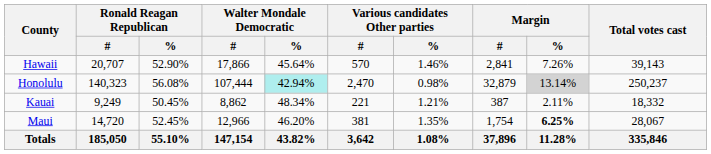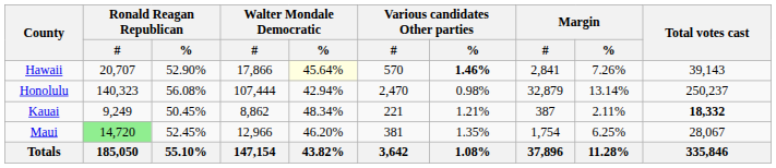 <table width="60%"  class="wikitable sortable" style="text-align:center">
 <tr>
 <th style="text-align:center;" rowspan="2">County</th>
 <th style="text-align:center;" colspan="2">Ronald Reagan<br>Republican</th>
 <th style="text-align:center;" colspan="2">Walter Mondale<br>Democratic</th>
 <th style="text-align:center;" colspan="2">Various candidates<br>Other parties</th>
 <th style="text-align:center;" colspan="2">Margin</th>
 <th style="text-align:center;" rowspan="2">Total votes cast</th>
 </tr>
 <tr>
 <th style="text-align:center;" data-sort-type="number">#</th>
 <th style="text-align:center;" data-sort-type="number">%</th>
 <th style="text-align:center;" data-sort-type="number">#</th>
 <th style="text-align:center;" data-sort-type="number">%</th>
 <th style="text-align:center;" data-sort-type="number">#</th>
 <th style="text-align:center;" data-sort-type="number">%</th>
 <th style="text-align:center;" data-sort-type="number">#</th>
 <th style="text-align:center;" data-sort-type="number">%</th>
 </tr>
 <tr style="text-align:center;">
 <td><a href='#'>Hawaii</a></td>
 <td>20,707</td>
 <td>52.90%</td>
 <td>17,866</td>
-<td>45.64%</td>
+<td style="background: lightyellow;">45.64%</td>
 <td>570</td>
-<td>1.46%</td>
+<td><strong>1.46%</strong></td>
 <td>2,841</td>
 <td>7.26%</td>
 <td>39,143</td>
 </tr>
 <tr style="text-align:center;">
 <td><a href='#'>Honolulu</a></td>
 <td>140,323</td>
 <td>56.08%</td>
 <td>107,444</td>
-<td style="background: paleturquoise;">42.94%</td>
+<td>42.94%</td>
 <td>2,470</td>
 <td>0.98%</td>
 <td>32,879</td>
-<td style="background: lightgrey;">13.14%</td>
+<td>13.14%</td>
 <td>250,237</td>
 </tr>
 <tr style="text-align:center;">
 <td><a href='#'>Kauai</a></td>
 <td>9,249</td>
 <td>50.45%</td>
 <td>8,862</td>
 <td>48.34%</td>
 <td>221</td>
 <td>1.21%</td>
 <td>387</td>
 <td>2.11%</td>
-<td>18,332</td>
+<td><strong>18,332</strong></td>
 </tr>
 <tr style="text-align:center;">
 <td><a href='#'>Maui</a></td>
-<td>14,720</td>
+<td style="background: lightgreen;">14,720</td>
 <td>52.45%</td>
 <td>12,966</td>
 <td>46.20%</td>
 <td>381</td>
 <td>1.35%</td>
 <td>1,754</td>
-<td><strong>6.25%</strong></td>
+<td>6.25%</td>
 <td>28,067</td>
 </tr>
 <tr>
 <th>Totals</th>
 <th>185,050</th>
 <th>55.10%</th>
 <th>147,154</th>
 <th>43.82%</th>
 <th>3,642</th>
 <th>1.08%</th>
 <th>37,896</th>
 <th>11.28%</th>
 <th>335,846</th>
 </tr>
 </table>
